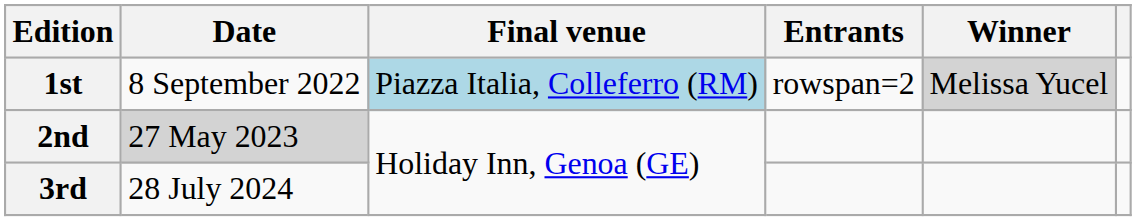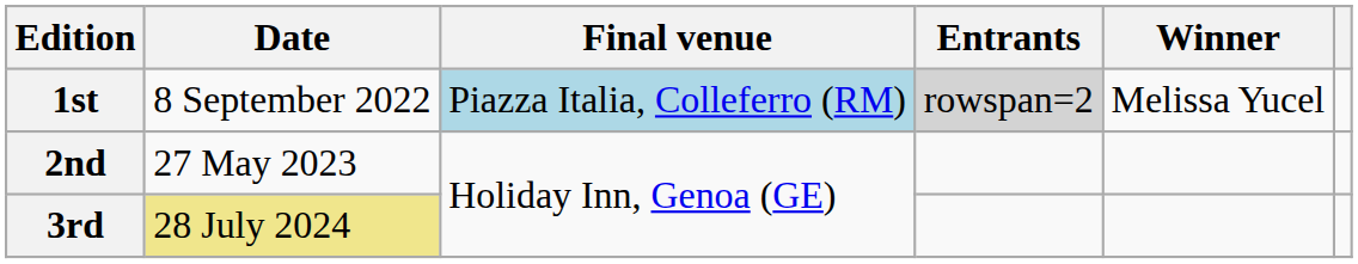 <table class="wikitable defaultcenter col2left col3left col5left" style="font-size:95%;">
 <tr>
 <th>Edition</th>
 <th>Date</th>
 <th>Final venue</th>
 <th>Entrants</th>
 <th>Winner</th>
 <th></th>
 </tr>
 <tr>
 <th>1st</th>
 <td>8 September 2022</td>
 <td style="background: lightblue;">Piazza Italia, <a href='#'>Colleferro</a> (<a href='#'>RM</a>)</td>
-<td>rowspan=2 </td>
-<td style="background: lightgrey;">Melissa Yucel</td>
+<td style="background: lightgrey;">rowspan=2 </td>
+<td>Melissa Yucel</td>
 <td></td>
 </tr>
 <tr>
 <th>2nd</th>
-<td style="background: lightgrey;">27 May 2023</td>
+<td>27 May 2023</td>
 <td rowspan=2>Holiday Inn, <a href='#'>Genoa</a> (<a href='#'>GE</a>)</td>
 <td></td>
 <td></td>
 </tr>
 <tr>
 <th>3rd</th>
-<td>28 July 2024</td>
+<td style="background: khaki;">28 July 2024</td>
 <td></td>
 <td></td>
 <td {{center></td>
 </tr>
 </table>
